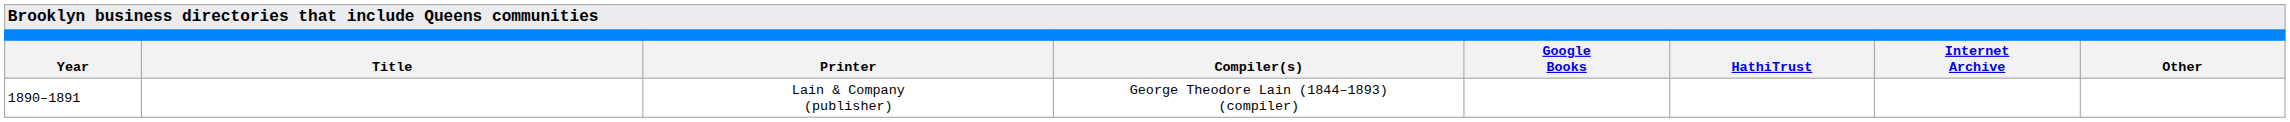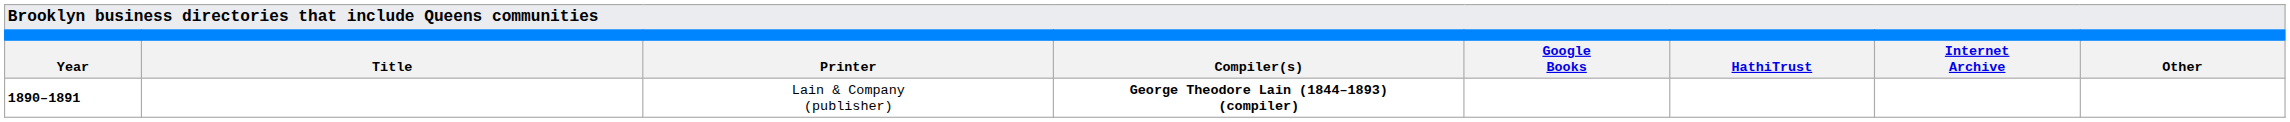 <table class="wikitable collapsible sortable static-row-numbers" cellpadding="1" style="color: black; background-color: #FFFFFF; font-size: 90%; width:100%">
 <tr class="static-row-header" style="text-align:center;vertical-align:bottom;">
 <th style="text-align:left; background:#eaecf0; border-style: solid; border-width: 0px 0px 0px 0px;" colspan=8><big><strong>Brooklyn business directories that include Queens communities</strong></big></th>
 </tr>
 <tr class="static-row-header" style="text-align:center;vertical-align:bottom;border-style: solid; border-color: #0085ff; border-width: 10px 0px 0px 0px;">
 <th>Year</th>
 <th>Title</th>
 <th>Printer</th>
 <th>Compiler(s)</th>
 <th><a href='#'>Google<br>Books</a></th>
 <th><a href='#'>HathiTrust</a></th>
 <th><a href='#'>Internet<br>Archive</a></th>
 <th>Other</th>
 </tr>
 <tr>
-<td width="6%;" data-sort-value="1890">1890–1891</td>
+<td width="6%;" data-sort-value="1890"><strong>1890–1891</strong></td>
 <td width="22%" data-sort-value="lains 1890"></td>
 <td style="text-align:center" width="18%" data-sort-value="lain 1890">Lain & Company<br>(publisher)</td>
-<td style="text-align:center" width="18%" data-sort-value="lain 1890">George Theodore Lain (1844–1893)<br>(compiler)</td>
+<td style="text-align:center" width="18%" data-sort-value="lain 1890"><strong>George Theodore Lain (1844–1893)<br>(compiler)</strong></td>
 <td style="text-align:center" width="9%" data-sort-value="wisconsin 1890"></td>
 <td style="text-align:center" width="9%" data-sort-value="wisconsin 1890"></td>
 <td style="text-align:center" width="9%"></td>
 <td style="text-align:center" width="9%"></td>
 </tr>
 </table>
